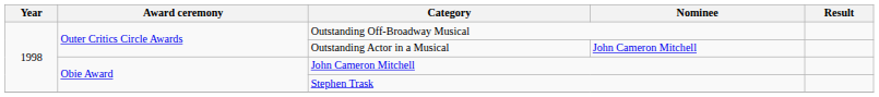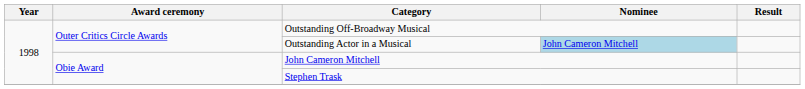 <table class=wikitable width=100%>
 <tr>
 <th scope=col>Year</th>
 <th scope=col>Award ceremony</th>
 <th scope=col>Category</th>
 <th scope=col>Nominee</th>
 <th scope=col>Result</th>
 </tr>
 <tr>
 <td rowspan="4" align="center">1998</td>
 <td rowspan="2"><a href='#'>Outer Critics Circle Awards</a></td>
 <td colspan="2">Outstanding Off-Broadway Musical</td>
 <td></td>
 </tr>
 <tr>
 <td>Outstanding Actor in a Musical</td>
-<td><a href='#'>John Cameron Mitchell</a></td>
+<td style="background: lightblue;"><a href='#'>John Cameron Mitchell</a></td>
 <td></td>
 </tr>
 <tr>
 <td rowspan="2"><a href='#'>Obie Award</a></td>
 <td colspan=2><a href='#'>John Cameron Mitchell</a></td>
 <td></td>
 </tr>
 <tr>
 <td colspan=2><a href='#'>Stephen Trask</a></td>
 <td></td>
 </tr>
 <tr>
 </tr>
 </table>
